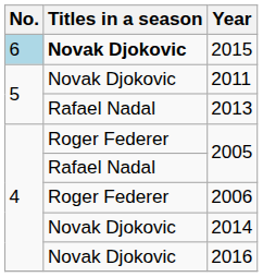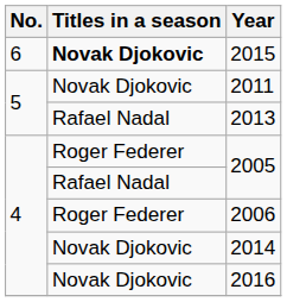 <table class="wikitable" style="display: inline-table;">
 <tr>
 <th width=20>No.</th>
 <th>Titles in a season</th>
 <th>Year</th>
 </tr>
 <tr>
-<td style="background: lightblue;">6</td>
+<td>6</td>
 <td> <strong>Novak Djokovic</strong></td>
 <td>2015</td>
 </tr>
 <tr>
 <td rowspan=2>5</td>
 <td> Novak Djokovic</td>
 <td>2011</td>
 </tr>
 <tr>
 <td> Rafael Nadal</td>
 <td>2013</td>
 </tr>
 <tr>
 <td rowspan=5>4</td>
 <td> Roger Federer</td>
 <td rowspan=2>2005</td>
 </tr>
 <tr>
 <td> Rafael Nadal</td>
 </tr>
 <tr>
 <td> Roger Federer</td>
 <td>2006</td>
 </tr>
 <tr>
 <td> Novak Djokovic</td>
 <td>2014</td>
 </tr>
 <tr>
 <td> Novak Djokovic</td>
 <td>2016</td>
 </tr>
 <tr>
 </tr>
 </table>
